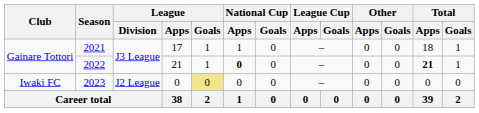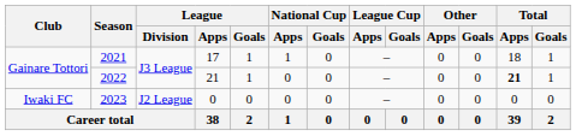 <table class="wikitable" style="text-align: center">
 <tr>
 <th rowspan="2">Club</th>
 <th rowspan="2">Season</th>
 <th colspan="3">League</th>
 <th colspan="2">National Cup</th>
 <th colspan="2">League Cup</th>
 <th colspan="2">Other</th>
 <th colspan="2">Total</th>
 </tr>
 <tr>
 <th>Division</th>
 <th>Apps</th>
 <th>Goals</th>
 <th>Apps</th>
 <th>Goals</th>
 <th>Apps</th>
 <th>Goals</th>
 <th>Apps</th>
 <th>Goals</th>
 <th>Apps</th>
 <th>Goals</th>
 </tr>
 <tr>
 <td rowspan="2"><a href='#'>Gainare Tottori</a></td>
 <td><a href='#'>2021</a></td>
 <td rowspan="2"><a href='#'>J3 League</a></td>
 <td>17</td>
 <td>1</td>
 <td>1</td>
 <td>0</td>
 <td colspan="2">–</td>
 <td>0</td>
 <td>0</td>
 <td>18</td>
 <td>1</td>
 </tr>
 <tr>
 <td><a href='#'>2022</a></td>
 <td>21</td>
 <td>1</td>
-<td><strong>0</strong></td>
+<td>0</td>
 <td>0</td>
 <td colspan="2">–</td>
 <td>0</td>
 <td>0</td>
 <td><strong>21</strong></td>
 <td>1</td>
 </tr>
 <tr>
 <td><a href='#'>Iwaki FC</a></td>
 <td><a href='#'>2023</a></td>
 <td><a href='#'>J2 League</a></td>
 <td>0</td>
-<td style="background: khaki;">0</td>
+<td>0</td>
 <td>0</td>
 <td>0</td>
 <td colspan="2">–</td>
 <td>0</td>
 <td>0</td>
 <td>0</td>
 <td>0</td>
 </tr>
 <tr>
 <th colspan=3>Career total</th>
 <th>38</th>
 <th>2</th>
 <th>1</th>
 <th>0</th>
 <th>0</th>
 <th>0</th>
 <th>0</th>
 <th>0</th>
 <th>39</th>
 <th>2</th>
 </tr>
 </table>
